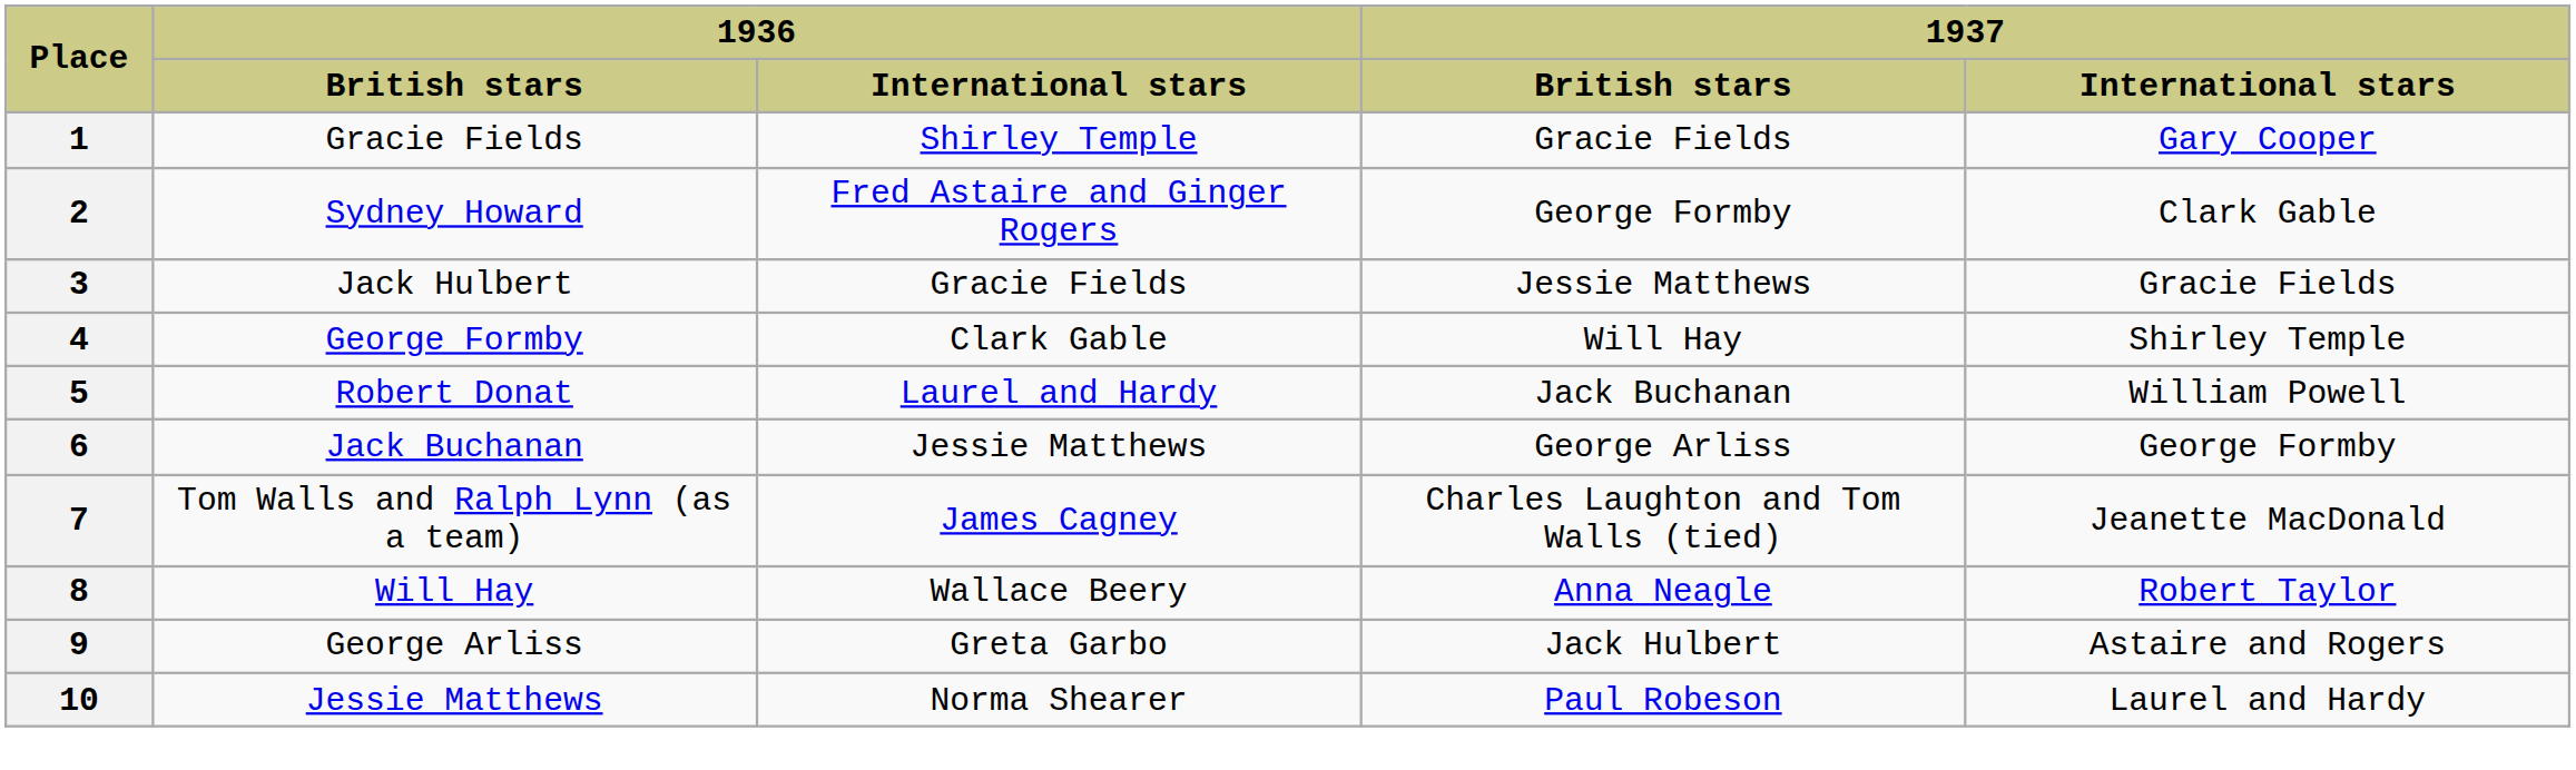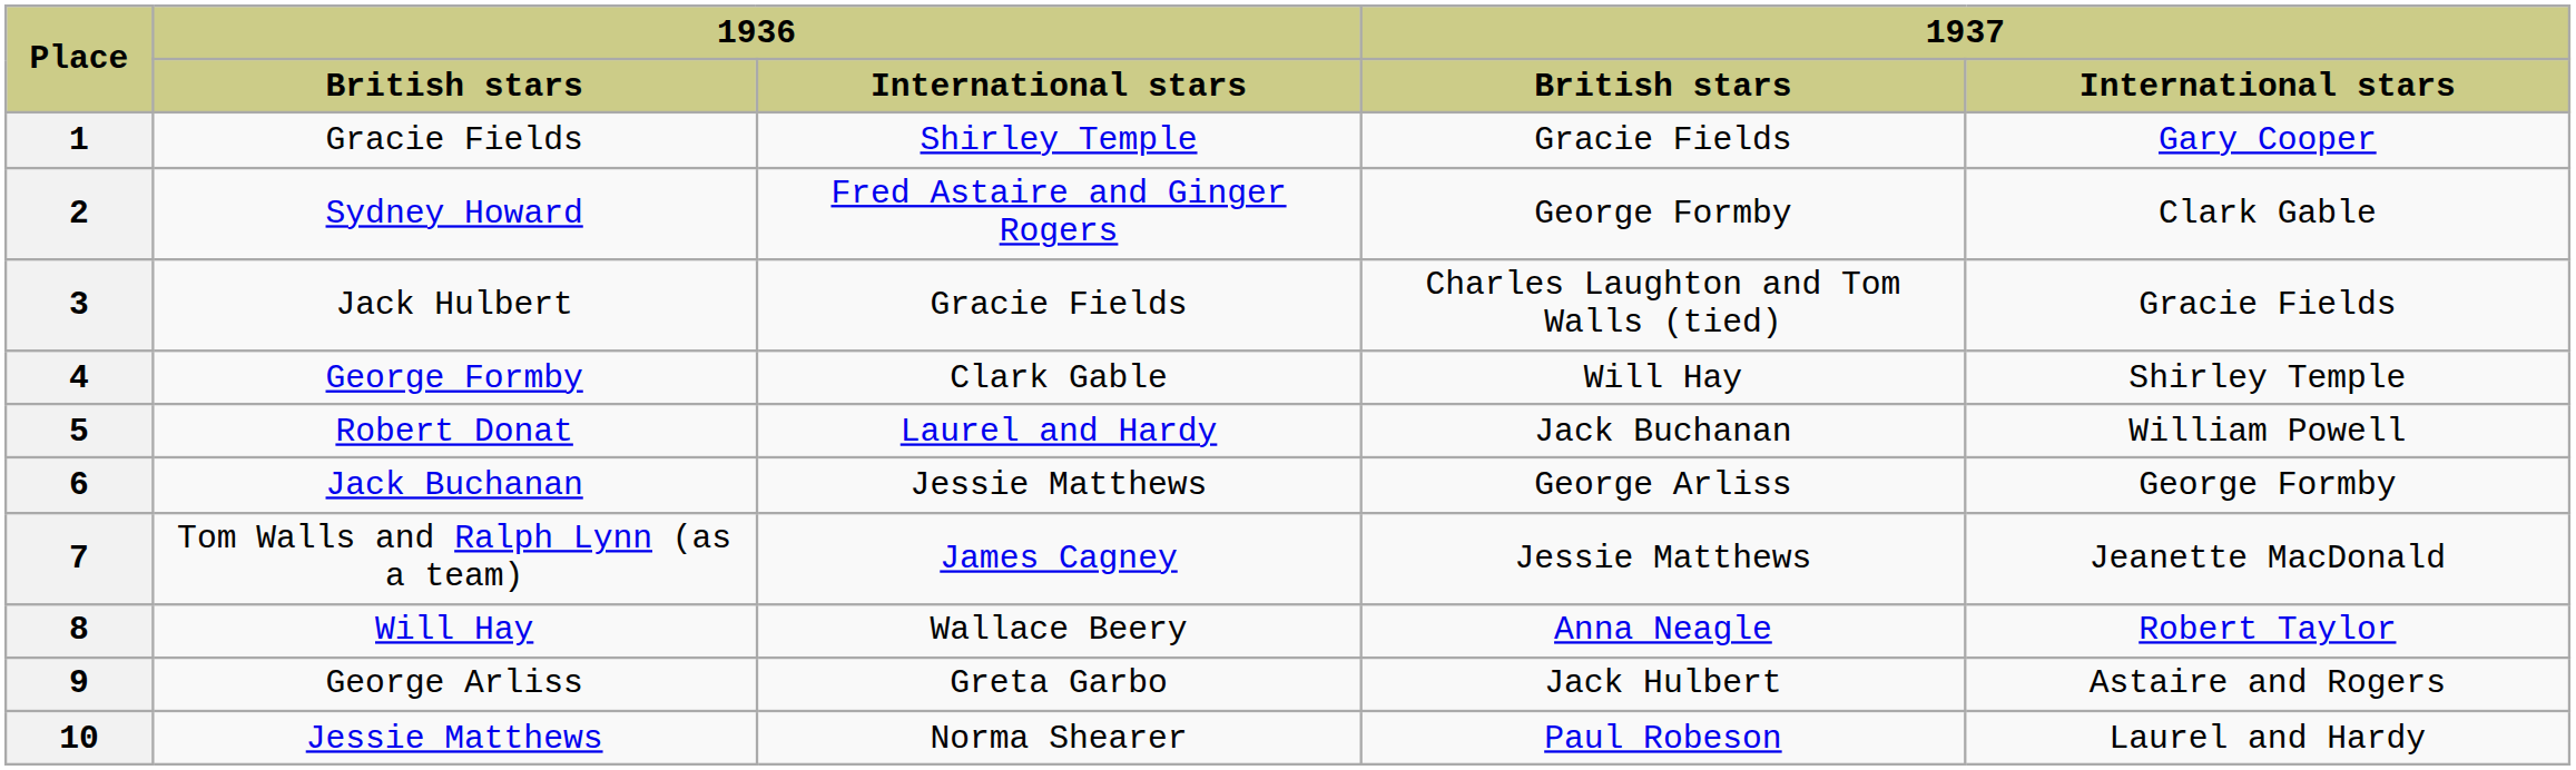 <table class="wikitable" width="80%">
 <tr>
 <th scope="col" style="background:#CC8" width="4%" rowspan="2">Place</th>
 <th style="background:#CC8" colspan="2">1936</th>
 <th style="background:#CC8" colspan="2">1937</th>
 </tr>
 <tr>
 <th scope="col" style="background:#CC8" width="18%">British stars</th>
 <th scope="col" style="background:#CC8" width="18%">International stars</th>
 <th scope="col" style="background:#CC8" width="18%">British stars</th>
 <th scope="col" style="background:#CC8" width="18%">International stars</th>
 </tr>
 <tr align="center">
 <th scope="row">1</th>
 <td>Gracie Fields</td>
 <td><a href='#'>Shirley Temple</a></td>
 <td>Gracie Fields</td>
 <td><a href='#'>Gary Cooper</a></td>
 </tr>
 <tr align="center">
 <th scope="row">2</th>
 <td><a href='#'>Sydney Howard</a></td>
 <td><a href='#'>Fred Astaire and Ginger Rogers</a></td>
 <td>George Formby</td>
 <td>Clark Gable</td>
 </tr>
 <tr align="center">
 <th scope="row">3</th>
 <td>Jack Hulbert</td>
 <td>Gracie Fields</td>
-<td>Jessie Matthews</td>
+<td>Charles Laughton and Tom Walls (tied)</td>
 <td>Gracie Fields</td>
 </tr>
 <tr align="center">
 <th scope="row">4</th>
 <td><a href='#'>George Formby</a></td>
 <td>Clark Gable</td>
 <td>Will Hay</td>
 <td>Shirley Temple</td>
 </tr>
 <tr align="center">
 <th scope="row">5</th>
 <td><a href='#'>Robert Donat</a></td>
 <td><a href='#'>Laurel and Hardy</a></td>
 <td>Jack Buchanan</td>
 <td>William Powell</td>
 </tr>
 <tr align="center">
 <th scope="row">6</th>
 <td><a href='#'>Jack Buchanan</a></td>
 <td>Jessie Matthews</td>
 <td>George Arliss</td>
 <td>George Formby</td>
 </tr>
 <tr align="center">
 <th scope="row">7</th>
 <td>Tom Walls and <a href='#'>Ralph Lynn</a> (as a team)</td>
 <td><a href='#'>James Cagney</a></td>
-<td>Charles Laughton and Tom Walls (tied)</td>
+<td>Jessie Matthews</td>
 <td>Jeanette MacDonald</td>
 </tr>
 <tr align="center">
 <th scope="row">8</th>
 <td><a href='#'>Will Hay</a></td>
 <td>Wallace Beery</td>
 <td><a href='#'>Anna Neagle</a></td>
 <td><a href='#'>Robert Taylor</a></td>
 </tr>
 <tr align="center">
 <th scope="row">9</th>
 <td>George Arliss</td>
 <td>Greta Garbo</td>
 <td>Jack Hulbert</td>
 <td>Astaire and Rogers</td>
 </tr>
 <tr align="center">
 <th scope="row">10</th>
 <td><a href='#'>Jessie Matthews</a></td>
 <td>Norma Shearer</td>
 <td><a href='#'>Paul Robeson</a></td>
 <td>Laurel and Hardy</td>
 </tr>
 </table>
